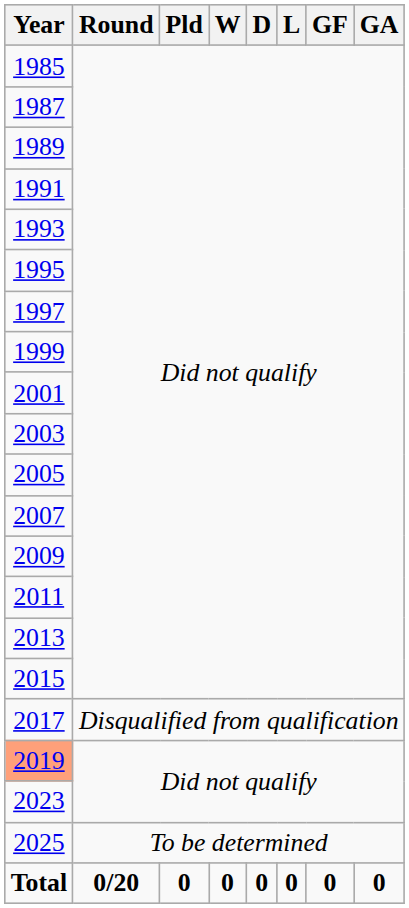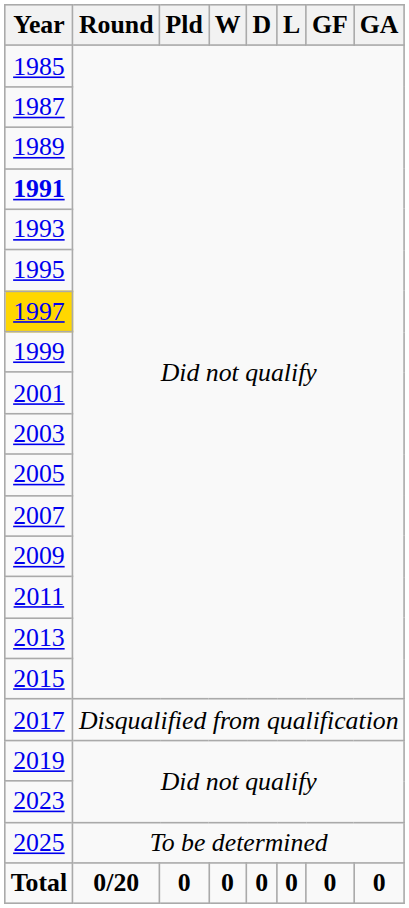 <table class="wikitable" style="text-align: center;">
 <tr>
 <th>Year</th>
 <th>Round</th>
 <th>Pld</th>
 <th>W</th>
 <th>D</th>
 <th>L</th>
 <th>GF</th>
 <th>GA</th>
 </tr>
 <tr>
 <td> <a href='#'>1985</a></td>
 <td colspan="8" rowspan="16"><em>Did not qualify</em></td>
 </tr>
 <tr>
 <td> <a href='#'>1987</a></td>
 </tr>
 <tr>
 <td> <a href='#'>1989</a></td>
 </tr>
 <tr>
-<td> <a href='#'>1991</a></td>
+<td><strong> <a href='#'>1991</a></strong></td>
 </tr>
 <tr>
 <td> <a href='#'>1993</a></td>
 </tr>
 <tr>
 <td> <a href='#'>1995</a></td>
 </tr>
 <tr>
-<td> <a href='#'>1997</a></td>
+<td style="background: gold;"> <a href='#'>1997</a></td>
 </tr>
 <tr>
 <td> <a href='#'>1999</a></td>
 </tr>
 <tr>
 <td> <a href='#'>2001</a></td>
 </tr>
 <tr>
 <td> <a href='#'>2003</a></td>
 </tr>
 <tr>
 <td> <a href='#'>2005</a></td>
 </tr>
 <tr>
 <td> <a href='#'>2007</a></td>
 </tr>
 <tr>
 <td> <a href='#'>2009</a></td>
 </tr>
 <tr>
 <td> <a href='#'>2011</a></td>
 </tr>
 <tr>
 <td> <a href='#'>2013</a></td>
 </tr>
 <tr>
 <td> <a href='#'>2015</a></td>
 </tr>
 <tr>
 <td> <a href='#'>2017</a></td>
 <td colspan="8"><em>Disqualified from qualification</em></td>
 </tr>
 <tr>
-<td style="background: lightsalmon;"> <a href='#'>2019</a></td>
+<td> <a href='#'>2019</a></td>
 <td colspan="8" rowspan=2><em>Did not qualify</em></td>
 </tr>
 <tr>
 <td> <a href='#'>2023</a></td>
 </tr>
 <tr>
 <td> <a href='#'>2025</a></td>
 <td colspan="8"><em>To be determined</em></td>
 </tr>
 <tr>
 <td><strong>Total</strong></td>
 <td><strong>0/20</strong></td>
 <td><strong>0</strong></td>
 <td><strong>0</strong></td>
 <td><strong>0</strong></td>
 <td><strong>0</strong></td>
 <td><strong>0</strong></td>
 <td><strong>0</strong></td>
 </tr>
 </table>
